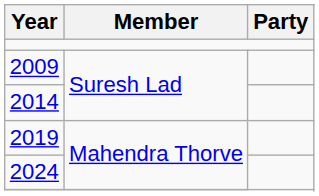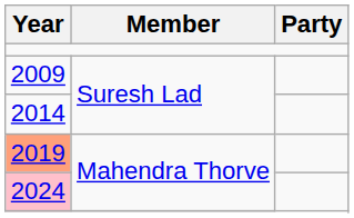 <table class="wikitable">
 <tr>
 <th>Year</th>
 <th>Member</th>
 <th colspan="2">Party</th>
 </tr>
 <tr>
 <td colspan="4"></td>
 </tr>
 <tr>
 <td><a href='#'>2009</a></td>
 <td rowspan="2"><a href='#'>Suresh Lad</a></td>
 <td></td>
 </tr>
 <tr>
 <td><a href='#'>2014</a></td>
 </tr>
 <tr>
-<td><a href='#'>2019</a></td>
+<td style="background: lightsalmon;"><a href='#'>2019</a></td>
 <td Rowspan=2><a href='#'>Mahendra Thorve</a></td>
 <td></td>
 </tr>
 <tr>
-<td><a href='#'>2024</a></td>
+<td style="background: pink;"><a href='#'>2024</a></td>
 </tr>
 <tr>
 </tr>
 </table>
